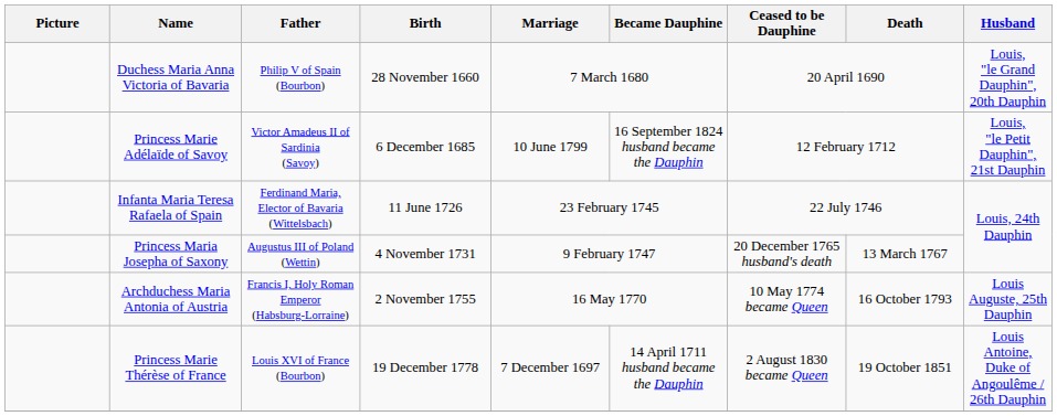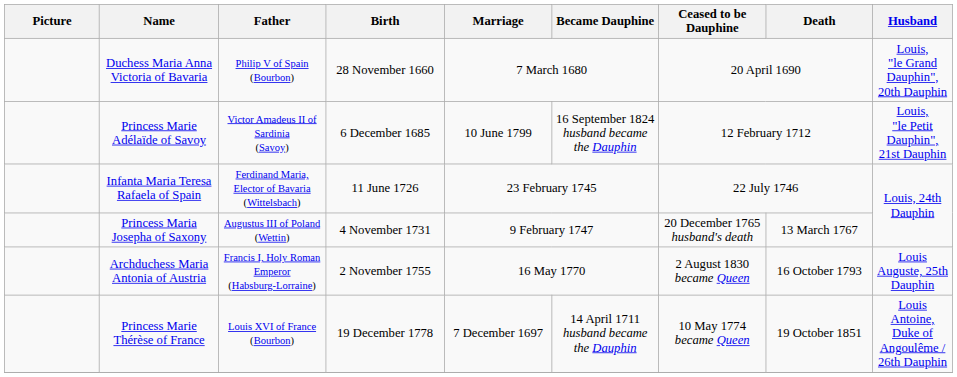 <table width=95% class="wikitable">
 <tr>
 <th width = "8%">Picture</th>
 <th width = "10%">Name</th>
 <th width = "9%">Father</th>
 <th width = "10%">Birth</th>
 <th width = "9%">Marriage</th>
 <th width = "9%">Became Dauphine</th>
 <th width = "9%">Ceased to be Dauphine</th>
 <th width = "9%">Death</th>
 <th width = "6%"><a href='#'>Husband</a></th>
 </tr>
 <tr>
 <td align="center"></td>
 <td align="center"><a href='#'>Duchess Maria Anna Victoria of Bavaria</a><br></td>
 <td align="center"><small><a href='#'>Philip V of Spain</a><br>(<a href='#'>Bourbon</a>)</small></td>
 <td align="center">28 November 1660</td>
 <td align="center" colspan="2">7 March 1680</td>
 <td align="center" colspan="2">20 April 1690</td>
 <td align="center"><a href='#'>Louis, <br>"le Grand Dauphin", 20th Dauphin</a></td>
 </tr>
 <tr>
 <td align="center"></td>
 <td align="center"><a href='#'>Princess Marie Adélaïde of Savoy</a><br></td>
 <td align="center"><small><a href='#'>Victor Amadeus II of Sardinia</a><br>(<a href='#'>Savoy</a>)</small></td>
 <td align="center">6 December 1685</td>
 <td align="center">10 June 1799</td>
 <td align="center">16 September 1824<br><em>husband became the <a href='#'>Dauphin</a></em></td>
 <td align="center" colspan="2">12 February 1712</td>
 <td align="center"><a href='#'>Louis,<br> "le Petit Dauphin", 21st Dauphin</a></td>
 </tr>
 <tr>
 <td align="center"></td>
 <td align="center"><a href='#'>Infanta Maria Teresa Rafaela of Spain</a><br></td>
 <td align="center"><small><a href='#'>Ferdinand Maria, Elector of Bavaria</a><br>(<a href='#'>Wittelsbach</a>)</small></td>
 <td align="center">11 June 1726</td>
 <td align="center" colspan="2">23 February 1745</td>
 <td align="center" colspan="2">22 July 1746</td>
 <td align="center" rowspan="2"><a href='#'>Louis, 24th Dauphin</a></td>
 </tr>
 <tr>
 <td align="center"></td>
 <td align="center"><a href='#'>Princess Maria Josepha of Saxony</a><br></td>
 <td align="center"><small><a href='#'>Augustus III of Poland</a><br>(<a href='#'>Wettin</a>)</small></td>
 <td align="center">4 November 1731</td>
 <td align="center" colspan="2">9 February 1747</td>
 <td align="center">20 December 1765<br><em>husband's death</em></td>
 <td align="center">13 March 1767</td>
 </tr>
 <tr>
 <td align="center"></td>
 <td align="center"><a href='#'>Archduchess Maria Antonia of Austria</a><br></td>
 <td align="center"><small><a href='#'>Francis I, Holy Roman Emperor</a><br>(<a href='#'>Habsburg-Lorraine</a>)</small></td>
 <td align="center">2 November 1755</td>
 <td align="center" colspan="2">16 May 1770</td>
-<td align="center">10 May 1774<br><em>became <a href='#'>Queen</a></em></td>
+<td align="center">2 August 1830<br><em>became <a href='#'>Queen</a></em></td>
 <td align="center">16 October 1793</td>
 <td align="center"><a href='#'>Louis Auguste, 25th Dauphin</a></td>
 </tr>
 <tr>
 <td align="center"></td>
 <td align="center"><a href='#'>Princess Marie Thérèse of France</a><br></td>
 <td align="center"><small><a href='#'>Louis XVI of France</a><br>(<a href='#'>Bourbon</a>)</small></td>
 <td align="center">19 December 1778</td>
 <td align="center">7 December 1697</td>
 <td align="center">14 April 1711<br><em>husband became the <a href='#'>Dauphin</a></em></td>
-<td align="center">2 August 1830<br><em>became <a href='#'>Queen</a></em></td>
+<td align="center">10 May 1774<br><em>became <a href='#'>Queen</a></em></td>
 <td align="center">19 October 1851</td>
 <td align="center"><a href='#'>Louis Antoine, Duke of Angoulême / 26th Dauphin</a></td>
 </tr>
 <tr>
 </tr>
 </table>
